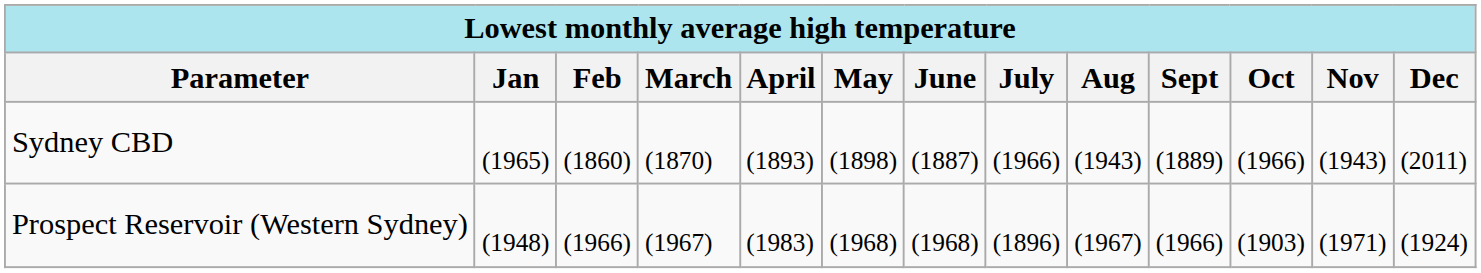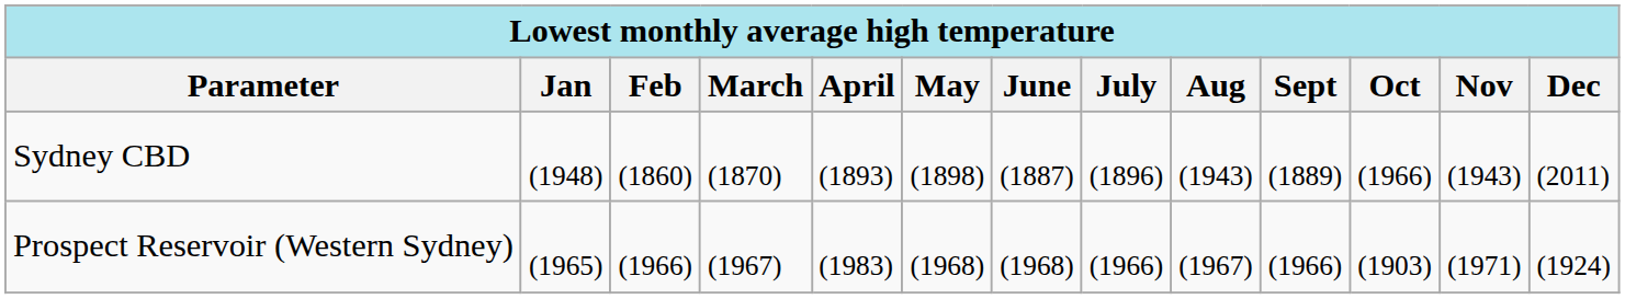 <table class="wikitable">
 <tr>
 <td colspan="14" style="background: #ACE5EE; text-align:center;"><strong>Lowest monthly average high temperature</strong></td>
 </tr>
 <tr>
 <th>Parameter</th>
 <th>Jan</th>
 <th>Feb</th>
 <th>March</th>
 <th>April</th>
 <th>May</th>
 <th>June</th>
 <th>July</th>
 <th>Aug</th>
 <th>Sept</th>
 <th>Oct</th>
 <th>Nov</th>
 <th>Dec</th>
 </tr>
 <tr>
 <td>Sydney CBD</td>
-<td> <br><small>(1965)</small></td>
+<td> <br><small>(1948)</small></td>
 <td><br>  <small>(1860)</small></td>
 <td>  <br><small>(1870)</small></td>
 <td><br> <small>(1893)</small></td>
 <td> <br><small>(1898)</small></td>
 <td> <br><small>(1887)</small></td>
-<td> <br><small>(1966)</small></td>
+<td> <br><small>(1896)</small></td>
 <td> <br><small>(1943)</small></td>
 <td> <br><small>(1889)</small></td>
 <td> <br><small>(1966)</small></td>
 <td> <br><small>(1943)</small></td>
 <td><br><small>(2011)</small></td>
 </tr>
 <tr>
 <td>Prospect Reservoir (Western Sydney)</td>
-<td> <br><small>(1948)</small></td>
+<td> <br><small>(1965)</small></td>
 <td> <br><small>(1966)</small></td>
 <td> <br><small>(1967)</small></td>
 <td> <br><small>(1983)</small></td>
 <td> <br><small>(1968)</small></td>
 <td> <br><small>(1968)</small></td>
-<td> <br><small>(1896)</small></td>
+<td> <br><small>(1966)</small></td>
 <td> <br><small>(1967)</small></td>
 <td> <br><small>(1966)</small></td>
 <td> <br><small>(1903)</small></td>
 <td> <br><small>(1971)</small></td>
 <td> <br><small>(1924)</small></td>
 </tr>
 </table>
